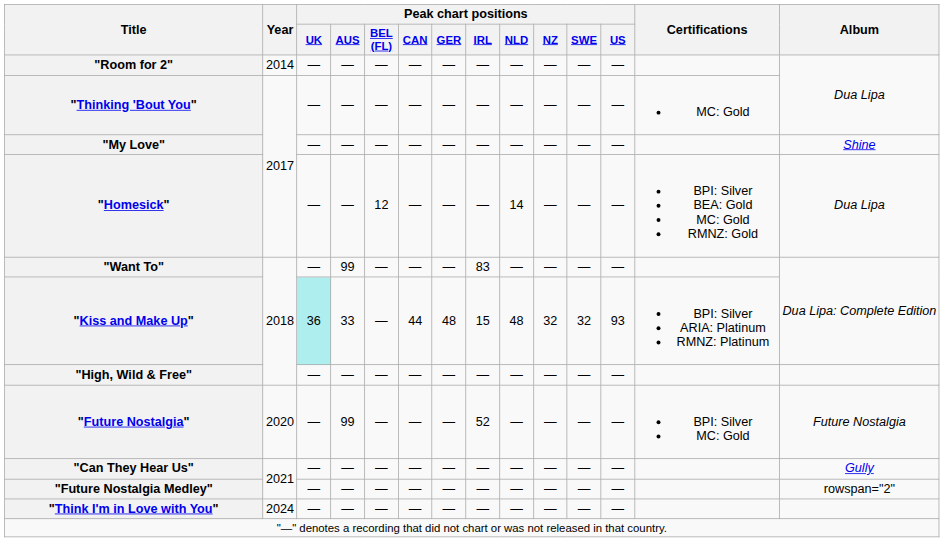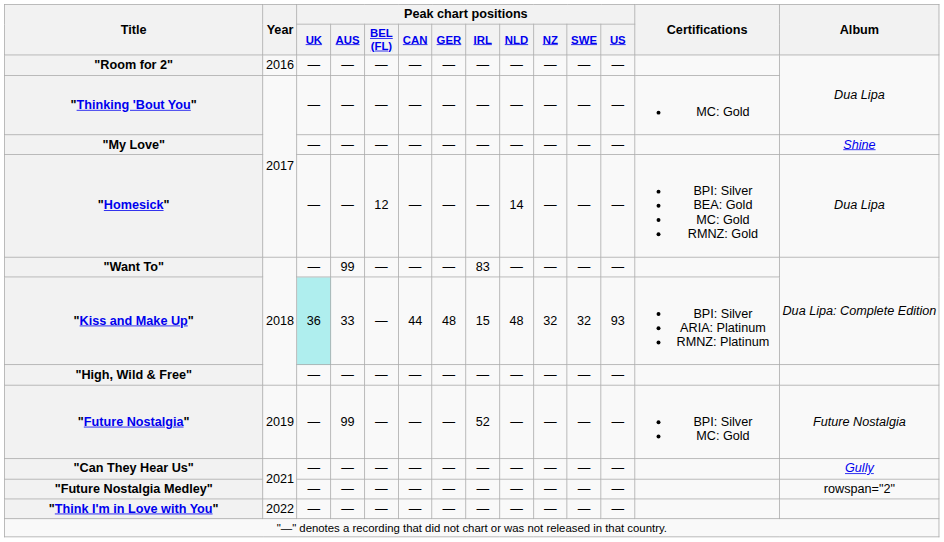 <table class="wikitable plainrowheaders" style="text-align:center;">
 <tr>
 <th scope="col" rowspan="2" style="width:20em;">Title</th>
 <th scope="col" rowspan="2" style="width:1em;">Year</th>
 <th scope="col" colspan="10">Peak chart positions</th>
 <th scope="col" rowspan="2" style="width:11em;">Certifications</th>
 <th scope="col" rowspan="2">Album</th>
 </tr>
 <tr>
 <th scope="col" style="width:2.5em;font-size:90%;"><a href='#'>UK</a><br></th>
 <th scope="col" style="width:2.5em;font-size:90%;"><a href='#'>AUS</a><br></th>
 <th scope="col" style="width:2.5em;font-size:90%;"><a href='#'>BEL<br>(FL)</a><br></th>
 <th scope="col" style="width:2.5em;font-size:90%;"><a href='#'>CAN</a><br></th>
 <th scope="col" style="width:2.5em;font-size:90%;"><a href='#'>GER</a><br></th>
 <th scope="col" style="width:2.5em;font-size:90%;"><a href='#'>IRL</a><br></th>
 <th scope="col" style="width:2.5em;font-size:90%;"><a href='#'>NLD</a><br></th>
 <th scope="col" style="width:2.5em;font-size:90%;"><a href='#'>NZ</a><br></th>
 <th scope="col" style="width:2.5em;font-size:90%;"><a href='#'>SWE</a><br></th>
 <th scope="col" style="width:2.5em;font-size:90%;"><a href='#'>US</a><br></th>
 </tr>
 <tr>
 <th scope="row">"Room for 2"</th>
-<td>2014</td>
+<td>2016</td>
 <td>—</td>
 <td>—</td>
 <td>—</td>
 <td>—</td>
 <td>—</td>
 <td>—</td>
 <td>—</td>
 <td>—</td>
 <td>—</td>
 <td>—</td>
 <td></td>
 <td rowspan="2"><em>Dua Lipa</em></td>
 </tr>
 <tr>
 <th scope="row">"<a href='#'>Thinking 'Bout You</a>"</th>
 <td rowspan="3">2017</td>
 <td>—</td>
 <td>—</td>
 <td>—</td>
 <td>—</td>
 <td>—</td>
 <td>—</td>
 <td>—</td>
 <td>—</td>
 <td>—</td>
 <td>—</td>
 <td><br><ul><li>MC: Gold</li></ul></td>
 </tr>
 <tr>
 <th scope="row">"My Love"<br></th>
 <td>—</td>
 <td>—</td>
 <td>—</td>
 <td>—</td>
 <td>—</td>
 <td>—</td>
 <td>—</td>
 <td>—</td>
 <td>—</td>
 <td>—</td>
 <td></td>
 <td><em><a href='#'>Shine</a></em></td>
 </tr>
 <tr>
 <th scope="row">"<a href='#'>Homesick</a>"</th>
 <td>—</td>
 <td>—</td>
 <td>12</td>
 <td>—</td>
 <td>—</td>
 <td>—</td>
 <td>14</td>
 <td>—</td>
 <td>—</td>
 <td>—</td>
 <td><br><ul><li>BPI: Silver</li><li>BEA: Gold</li><li>MC: Gold</li><li>RMNZ: Gold</li></ul></td>
 <td><em>Dua Lipa</em></td>
 </tr>
 <tr>
 <th scope="row">"Want To"</th>
 <td rowspan="3">2018</td>
 <td>—</td>
 <td>99</td>
 <td>—</td>
 <td>—</td>
 <td>—</td>
 <td>83</td>
 <td>—</td>
 <td>—</td>
 <td>—</td>
 <td>—</td>
 <td></td>
 <td rowspan="2"><em>Dua Lipa: Complete Edition</em></td>
 </tr>
 <tr>
 <th scope="row">"<a href='#'>Kiss and Make Up</a>"<br></th>
 <td style="background: paleturquoise;">36</td>
 <td>33</td>
 <td>—</td>
 <td>44</td>
 <td>48</td>
 <td>15</td>
 <td>48</td>
 <td>32</td>
 <td>32</td>
 <td>93</td>
 <td><br><ul><li>BPI: Silver</li><li>ARIA: Platinum</li><li>RMNZ: Platinum</li></ul></td>
 </tr>
 <tr>
 <th scope="row">"High, Wild & Free"</th>
 <td>—</td>
 <td>—</td>
 <td>—</td>
 <td>—</td>
 <td>—</td>
 <td>—</td>
 <td>—</td>
 <td>—</td>
 <td>—</td>
 <td>—</td>
 <td></td>
 <td></td>
 </tr>
 <tr>
 <th scope="row">"<a href='#'>Future Nostalgia</a>"</th>
-<td>2020</td>
+<td>2019</td>
 <td>—</td>
 <td>99</td>
 <td>—</td>
 <td>—</td>
 <td>—</td>
 <td>52</td>
 <td>—</td>
 <td>—</td>
 <td>—</td>
 <td>—</td>
 <td><br><ul><li>BPI: Silver</li><li>MC: Gold</li></ul></td>
 <td><em>Future Nostalgia</em></td>
 </tr>
 <tr>
 <th scope="row">"Can They Hear Us"</th>
 <td rowspan="2">2021</td>
 <td>—</td>
 <td>—</td>
 <td>—</td>
 <td>—</td>
 <td>—</td>
 <td>—</td>
 <td>—</td>
 <td>—</td>
 <td>—</td>
 <td>—</td>
 <td></td>
 <td><em><a href='#'>Gully</a></em></td>
 </tr>
 <tr>
 <th scope="row">"Future Nostalgia Medley" </th>
 <td>—</td>
 <td>—</td>
 <td>—</td>
 <td>—</td>
 <td>—</td>
 <td>—</td>
 <td>—</td>
 <td>—</td>
 <td>—</td>
 <td>—</td>
 <td></td>
 <td>rowspan="2" </td>
 </tr>
 <tr>
 <th scope="row">"<a href='#'>Think I'm in Love with You</a>" <br></th>
-<td>2024</td>
+<td>2022</td>
 <td>—</td>
 <td>—</td>
 <td>—</td>
 <td>—</td>
 <td>—</td>
 <td>—</td>
 <td>—</td>
 <td>—</td>
 <td>—</td>
 <td>—</td>
 <td></td>
 </tr>
 <tr>
 <td colspan="15" style="font-size:90%">"—" denotes a recording that did not chart or was not released in that country.</td>
 </tr>
 </table>
